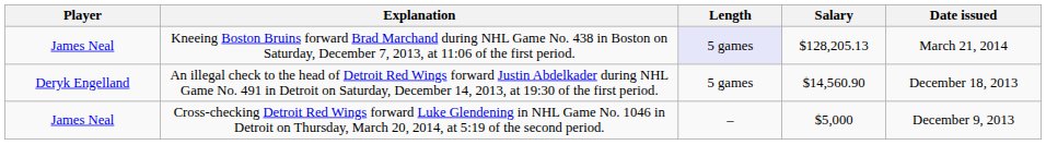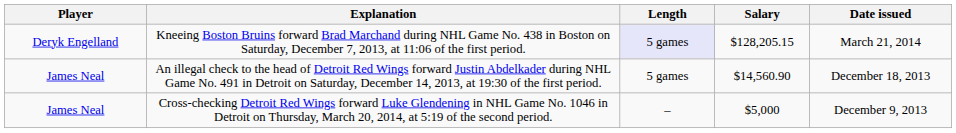 <table class="wikitable" style="width:75em; text-align:center;">
 <tr>
 <th style="width:15%;">Player</th>
 <th style="width:50%;">Explanation</th>
 <th style="width:10%;">Length</th>
 <th style="width:10%;">Salary</th>
 <th style="width:15%;">Date issued</th>
 </tr>
 <tr>
-<td><a href='#'>James Neal</a></td>
+<td><a href='#'>Deryk Engelland</a></td>
 <td>Kneeing <a href='#'>Boston Bruins</a> forward <a href='#'>Brad Marchand</a> during NHL Game No. 438 in Boston on Saturday, December 7, 2013, at 11:06 of the first period.</td>
 <td style="background: lavender;">5 games</td>
-<td>$128,205.13</td>
+<td>$128,205.15</td>
 <td>March 21, 2014</td>
 </tr>
 <tr>
-<td><a href='#'>Deryk Engelland</a></td>
+<td><a href='#'>James Neal</a></td>
 <td>An illegal check to the head of <a href='#'>Detroit Red Wings</a> forward <a href='#'>Justin Abdelkader</a> during NHL Game No. 491 in Detroit on Saturday, December 14, 2013, at 19:30 of the first period.</td>
 <td>5 games</td>
 <td>$14,560.90</td>
 <td>December 18, 2013</td>
 </tr>
 <tr>
 <td><a href='#'>James Neal</a></td>
 <td>Cross-checking <a href='#'>Detroit Red Wings</a> forward <a href='#'>Luke Glendening</a> in NHL Game No. 1046 in Detroit on Thursday, March 20, 2014, at 5:19 of the second period.</td>
 <td>–</td>
 <td>$5,000</td>
 <td>December 9, 2013</td>
 </tr>
 </table>
